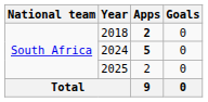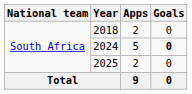 <table class=wikitable style=text-align:center>
 <tr>
 <th>National team</th>
 <th>Year</th>
 <th>Apps</th>
 <th>Goals</th>
 </tr>
 <tr>
 <td rowspan="3"><a href='#'>South Africa</a></td>
 <td>2018</td>
-<td><strong>2</strong></td>
+<td>2</td>
 <td>0</td>
 </tr>
 <tr>
 <td>2024</td>
-<td><strong>5</strong></td>
-<td>0</td>
+<td>5</td>
+<td><strong>0</strong></td>
 </tr>
 <tr>
 <td>2025</td>
 <td>2</td>
 <td>0</td>
 </tr>
 <tr>
 <th colspan="2">Total</th>
 <th>9</th>
 <th>0</th>
 </tr>
 </table>
